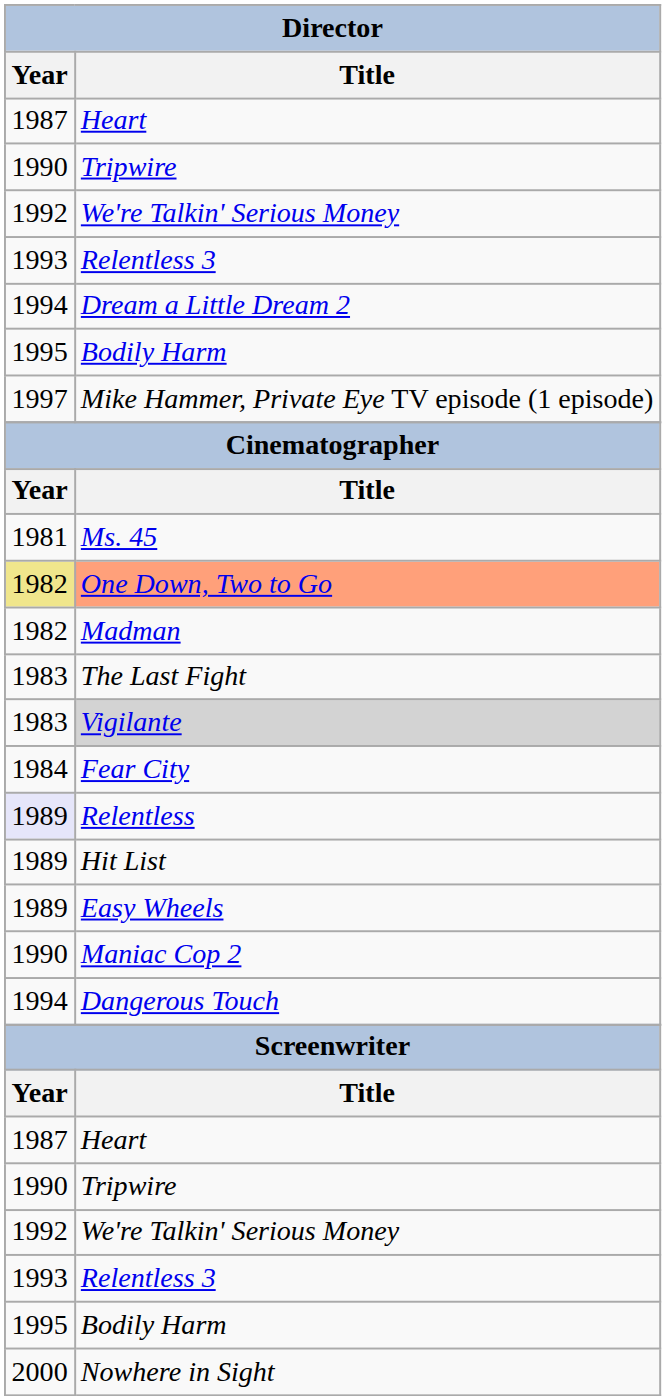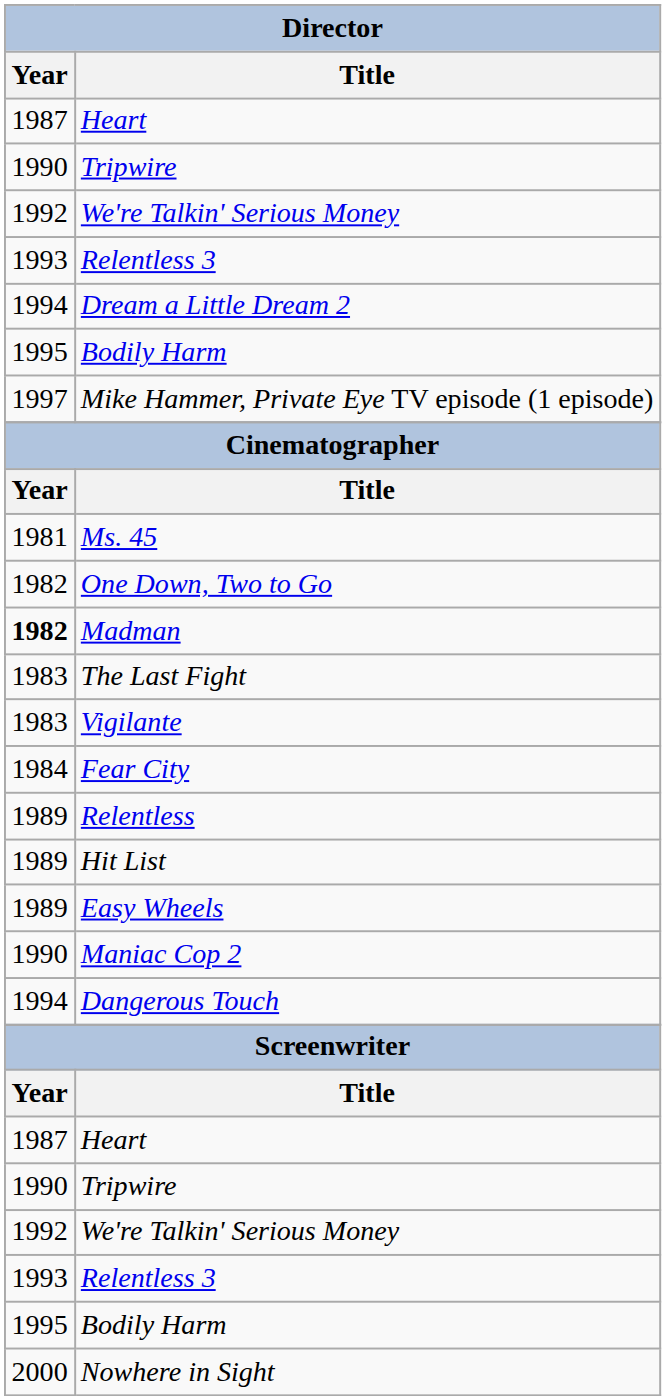 <table class="wikitable" style="font-size: 90%;">
 <tr>
 <th colspan="4" style="background: LightSteelBlue;">Director</th>
 </tr>
 <tr>
 <th>Year</th>
 <th>Title</th>
 </tr>
 <tr>
 <td>1987</td>
 <td><em><a href='#'>Heart</a></em></td>
 </tr>
 <tr>
 <td>1990</td>
 <td><em><a href='#'>Tripwire</a></em></td>
 </tr>
 <tr>
 <td>1992</td>
 <td><em><a href='#'>We're Talkin' Serious Money</a></em></td>
 </tr>
 <tr>
 <td>1993</td>
 <td><em><a href='#'>Relentless 3</a></em></td>
 </tr>
 <tr>
 <td>1994</td>
 <td><em><a href='#'>Dream a Little Dream 2</a></em></td>
 </tr>
 <tr>
 <td>1995</td>
 <td><em><a href='#'>Bodily Harm</a></em></td>
 </tr>
 <tr>
 <td>1997</td>
 <td><em>Mike Hammer, Private Eye</em> TV episode (1 episode)</td>
 </tr>
 <tr>
 </tr>
 <tr>
 <th colspan="4" style="background: LightSteelBlue;">Cinematographer</th>
 </tr>
 <tr>
 <th>Year</th>
 <th>Title</th>
 </tr>
 <tr>
 <td>1981</td>
 <td><em><a href='#'>Ms. 45</a></em></td>
 </tr>
 <tr>
-<td style="background: khaki;">1982</td>
-<td style="background: lightsalmon;"><em><a href='#'>One Down, Two to Go</a></em></td>
+<td>1982</td>
+<td><em><a href='#'>One Down, Two to Go</a></em></td>
 </tr>
 <tr>
-<td>1982</td>
+<td><strong>1982</strong></td>
 <td><em><a href='#'>Madman</a></em></td>
 </tr>
 <tr>
 <td>1983</td>
 <td><em>The Last Fight</em></td>
 </tr>
 <tr>
 <td>1983</td>
-<td style="background: lightgrey;"><em><a href='#'>Vigilante</a></em></td>
+<td><em><a href='#'>Vigilante</a></em></td>
 </tr>
 <tr>
 <td>1984</td>
 <td><em><a href='#'>Fear City</a></em></td>
 </tr>
 <tr>
-<td style="background: lavender;">1989</td>
+<td>1989</td>
 <td><em><a href='#'>Relentless</a></em></td>
 </tr>
 <tr>
 <td>1989</td>
 <td><em> Hit List</em></td>
 </tr>
 <tr>
 <td>1989</td>
 <td><em><a href='#'>Easy Wheels</a></em></td>
 </tr>
 <tr>
 <td>1990</td>
 <td><em><a href='#'>Maniac Cop 2</a></em></td>
 </tr>
 <tr>
 <td>1994</td>
 <td><em><a href='#'>Dangerous Touch</a></em></td>
 </tr>
 <tr>
 </tr>
 <tr>
 <th colspan="4" style="background: LightSteelBlue;">Screenwriter</th>
 </tr>
 <tr>
 <th>Year</th>
 <th>Title</th>
 </tr>
 <tr>
 <td>1987</td>
 <td><em>Heart</em></td>
 </tr>
 <tr>
 <td>1990</td>
 <td><em>Tripwire</em></td>
 </tr>
 <tr>
 <td>1992</td>
 <td><em>We're Talkin' Serious Money</em></td>
 </tr>
 <tr>
 <td>1993</td>
 <td><em><a href='#'>Relentless 3</a></em></td>
 </tr>
 <tr>
 <td>1995</td>
 <td><em>Bodily Harm</em></td>
 </tr>
 <tr>
 <td>2000</td>
 <td><em>Nowhere in Sight</em></td>
 </tr>
 </table>
